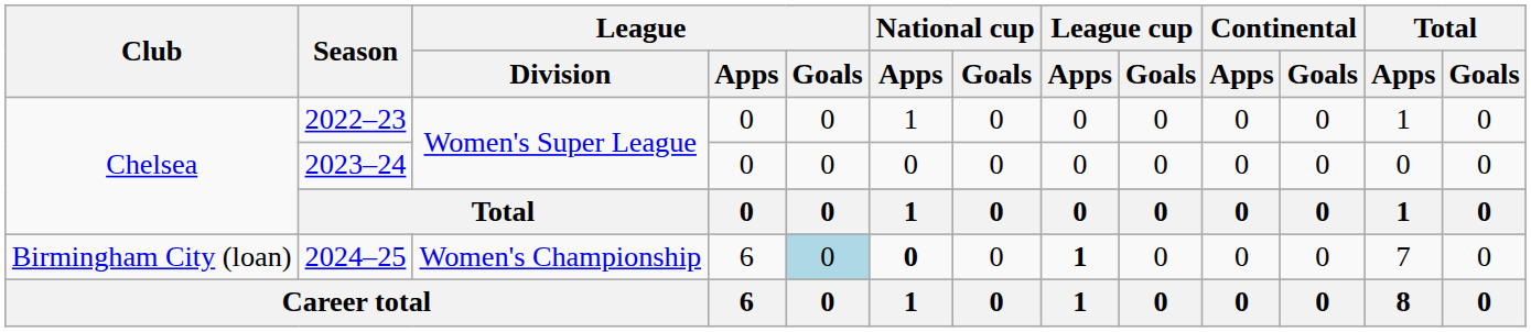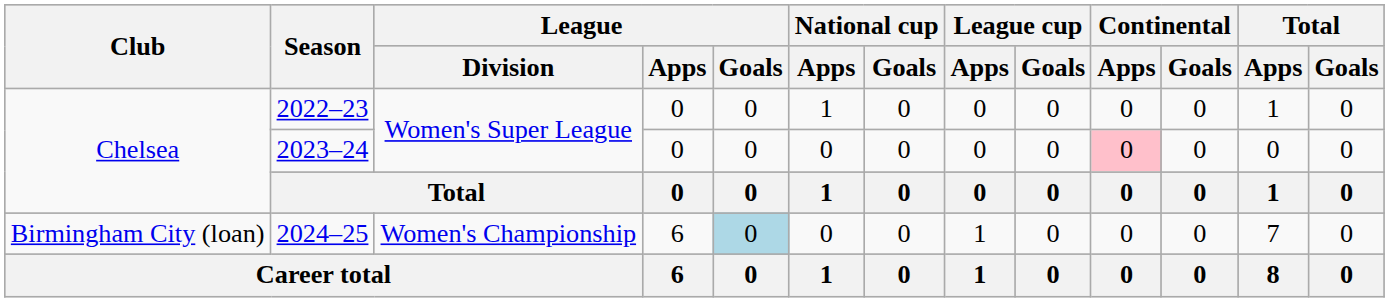 <table class="wikitable" style="text-align: center">
 <tr>
 <th rowspan="2">Club</th>
 <th rowspan="2">Season</th>
 <th colspan="3">League</th>
 <th colspan="2">National cup</th>
 <th colspan="2">League cup</th>
 <th colspan="2">Continental</th>
 <th colspan="2">Total</th>
 </tr>
 <tr>
 <th>Division</th>
 <th>Apps</th>
 <th>Goals</th>
 <th>Apps</th>
 <th>Goals</th>
 <th>Apps</th>
 <th>Goals</th>
 <th>Apps</th>
 <th>Goals</th>
 <th>Apps</th>
 <th>Goals</th>
 </tr>
 <tr>
 <td rowspan="3"><a href='#'>Chelsea</a></td>
 <td><a href='#'>2022–23</a></td>
 <td rowspan="2"><a href='#'>Women's Super League</a></td>
 <td>0</td>
 <td>0</td>
 <td>1</td>
 <td>0</td>
 <td>0</td>
 <td>0</td>
 <td>0</td>
 <td>0</td>
 <td>1</td>
 <td>0</td>
 </tr>
 <tr>
 <td><a href='#'>2023–24</a></td>
 <td>0</td>
 <td>0</td>
 <td>0</td>
 <td>0</td>
 <td>0</td>
 <td>0</td>
-<td>0</td>
+<td style="background: pink;">0</td>
 <td>0</td>
 <td>0</td>
 <td>0</td>
 </tr>
 <tr>
 <th colspan="2">Total</th>
 <th>0</th>
 <th>0</th>
 <th>1</th>
 <th>0</th>
 <th>0</th>
 <th>0</th>
 <th>0</th>
 <th>0</th>
 <th>1</th>
 <th>0</th>
 </tr>
 <tr>
 <td><a href='#'>Birmingham City</a> (loan)</td>
 <td><a href='#'>2024–25</a></td>
 <td><a href='#'>Women's Championship</a></td>
 <td>6</td>
 <td style="background: lightblue;">0</td>
-<td><strong>0</strong></td>
 <td>0</td>
-<td><strong>1</strong></td>
+<td>0</td>
+<td>1</td>
 <td>0</td>
 <td>0</td>
 <td>0</td>
 <td>7</td>
 <td>0</td>
 </tr>
 <tr>
 <th colspan="3">Career total</th>
 <th>6</th>
 <th>0</th>
 <th>1</th>
 <th>0</th>
 <th>1</th>
 <th>0</th>
 <th>0</th>
 <th>0</th>
 <th>8</th>
 <th>0</th>
 </tr>
 </table>
